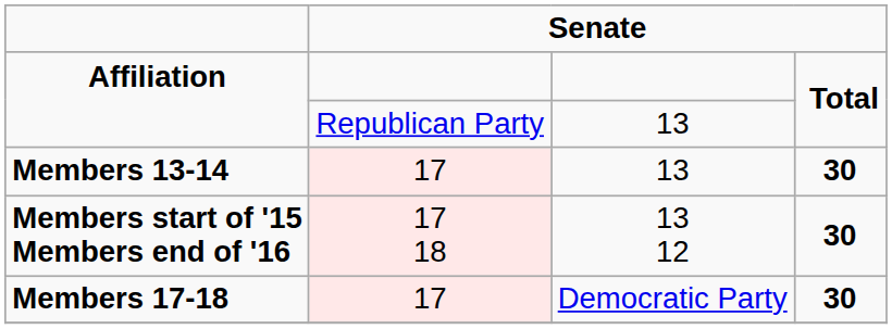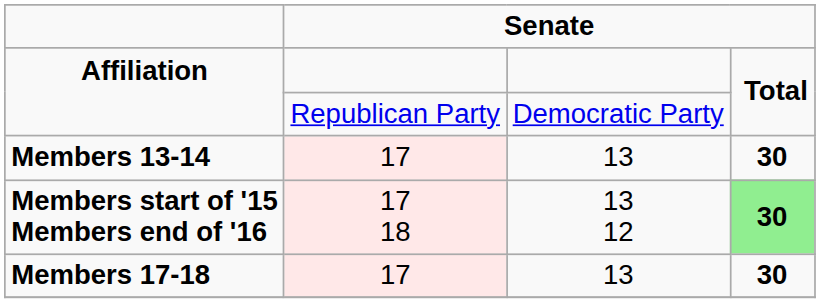 <table class="wikitable">
 <tr>
 <td style="text-align:center;vertical-align:top;"></td>
 <td colspan="4" align="center" valign="top"><strong>Senate</strong></td>
 </tr>
 <tr>
 <td rowspan="2" style="text-align:center;vertical-align:top;"><strong>Affiliation</strong></td>
 <td style="background-color:"> </td>
 <td style="background-color:"> </td>
 <td rowspan="2"> <strong>Total</strong></td>
 </tr>
 <tr>
 <td><a href='#'>Republican Party</a></td>
-<td style="text-align:center;">13</td>
+<td><a href='#'>Democratic Party</a></td>
 </tr>
 <tr>
 <td><strong>Members 13-14</strong></td>
 <td style="background:#FFE8E8" align=center>17</td>
 <td style="text-align:center;">13</td>
 <td style="text-align:center;"><strong>30</strong></td>
 </tr>
 <tr>
 <td><strong>Members start of '15</strong> <br><strong>Members end of '16</strong></td>
 <td style="background:#FFE8E8" align=center>17<br>18</td>
 <td style="text-align:center;">13<br>12</td>
-<td style="text-align:center;"><strong>30</strong></td>
+<td style="background: lightgreen; text-align:center;"><strong>30</strong></td>
 </tr>
 <tr>
 <td><strong>Members 17-18</strong></td>
 <td style="background:#FFE8E8" align=center>17</td>
-<td><a href='#'>Democratic Party</a></td>
+<td style="text-align:center;">13</td>
 <td style="text-align:center;"><strong>30</strong></td>
 </tr>
 <tr>
 </tr>
 </table>
